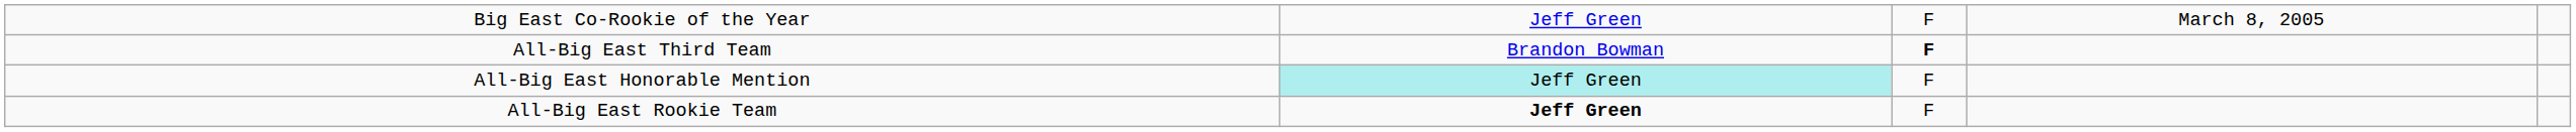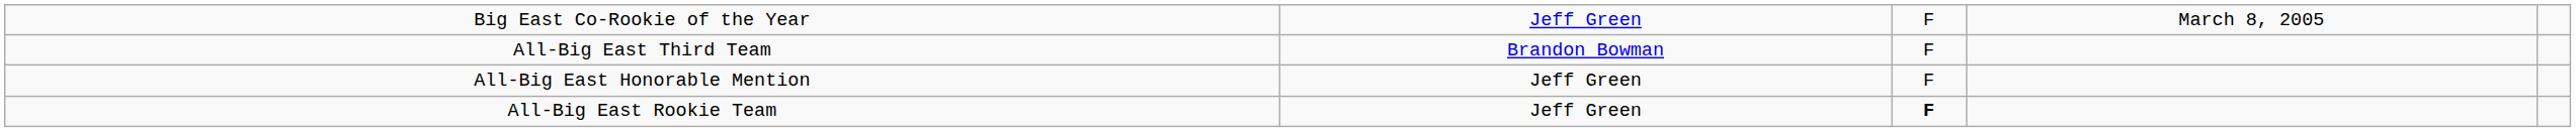 <table class="wikitable" style="width: 90%;text-align: center;">
 <tr align="center">
 <td>Big East Co-Rookie of the Year</td>
 <td><a href='#'>Jeff Green</a></td>
 <td>F</td>
 <td>March 8, 2005</td>
 <td></td>
 </tr>
 <tr align="center">
 <td>All-Big East Third Team</td>
 <td><a href='#'>Brandon Bowman</a></td>
-<td><strong>F</strong></td>
+<td>F</td>
 <td></td>
 <td></td>
 </tr>
 <tr align="center">
 <td>All-Big East Honorable Mention</td>
-<td style="background: paleturquoise;">Jeff Green</td>
+<td>Jeff Green</td>
 <td>F</td>
 <td></td>
 <td></td>
 </tr>
 <tr align="center">
 <td>All-Big East Rookie Team</td>
-<td><strong>Jeff Green</strong></td>
-<td>F</td>
+<td>Jeff Green</td>
+<td><strong>F</strong></td>
 <td></td>
 <td></td>
 </tr>
 </table>
